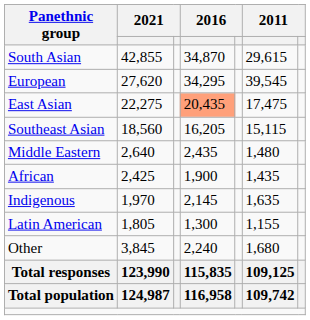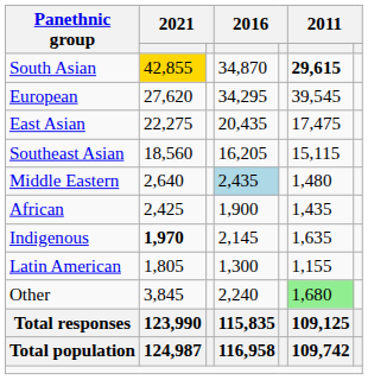 <table class="wikitable collapsible sortable">
 <tr>
 <th rowspan="2"><a href='#'>Panethnic</a><br>group</th>
 <th colspan="2">2021</th>
 <th colspan="2">2016</th>
 <th colspan="2">2011</th>
 </tr>
 <tr>
 <th><a href='#'></a></th>
 <th></th>
 <th></th>
 <th></th>
 <th></th>
 <th></th>
 </tr>
 <tr>
 <td><a href='#'>South Asian</a></td>
-<td>42,855</td>
+<td style="background: gold;">42,855</td>
 <td></td>
 <td>34,870</td>
 <td></td>
-<td>29,615</td>
+<td><strong>29,615</strong></td>
 <td></td>
 </tr>
 <tr>
 <td><a href='#'>European</a></td>
 <td>27,620</td>
 <td></td>
 <td>34,295</td>
 <td></td>
 <td>39,545</td>
 <td></td>
 </tr>
 <tr>
 <td><a href='#'>East Asian</a></td>
 <td>22,275</td>
 <td></td>
-<td style="background: lightsalmon;">20,435</td>
+<td>20,435</td>
 <td></td>
 <td>17,475</td>
 <td></td>
 </tr>
 <tr>
 <td><a href='#'>Southeast Asian</a></td>
 <td>18,560</td>
 <td></td>
 <td>16,205</td>
 <td></td>
 <td>15,115</td>
 <td></td>
 </tr>
 <tr>
 <td><a href='#'>Middle Eastern</a></td>
 <td>2,640</td>
 <td></td>
-<td>2,435</td>
+<td style="background: lightblue;">2,435</td>
 <td></td>
 <td>1,480</td>
 <td></td>
 </tr>
 <tr>
 <td><a href='#'>African</a></td>
 <td>2,425</td>
 <td></td>
 <td>1,900</td>
 <td></td>
 <td>1,435</td>
 <td></td>
 </tr>
 <tr>
 <td><a href='#'>Indigenous</a></td>
-<td>1,970</td>
+<td><strong>1,970</strong></td>
 <td></td>
 <td>2,145</td>
 <td></td>
 <td>1,635</td>
 <td></td>
 </tr>
 <tr>
 <td><a href='#'>Latin American</a></td>
 <td>1,805</td>
 <td></td>
 <td>1,300</td>
 <td></td>
 <td>1,155</td>
 <td></td>
 </tr>
 <tr>
 <td>Other</td>
 <td>3,845</td>
 <td></td>
 <td>2,240</td>
 <td></td>
-<td>1,680</td>
+<td style="background: lightgreen;">1,680</td>
 <td></td>
 </tr>
 <tr>
 <th>Total responses</th>
 <th>123,990</th>
 <th></th>
 <th>115,835</th>
 <th></th>
 <th>109,125</th>
 <th></th>
 </tr>
 <tr>
 <th>Total population</th>
 <th>124,987</th>
 <th></th>
 <th>116,958</th>
 <th></th>
 <th>109,742</th>
 <th></th>
 </tr>
 <tr class="sortbottom">
 <td colspan="15"></td>
 </tr>
 </table>
